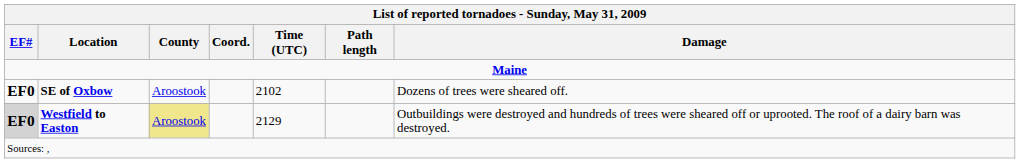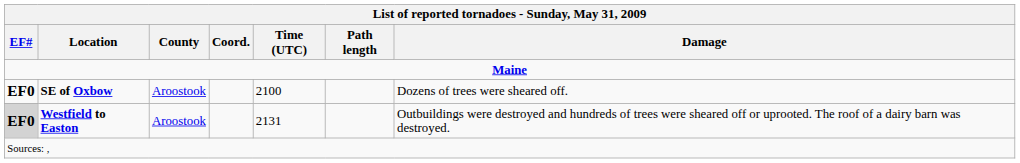 <table class="wikitable collapsible" width="100%">
 <tr>
 <th colspan="7">List of reported tornadoes - Sunday, May 31, 2009</th>
 </tr>
 <tr>
 <th><a href='#'>EF#</a></th>
 <th>Location</th>
 <th>County</th>
 <th>Coord.</th>
 <th>Time (UTC)</th>
 <th>Path length</th>
 <th>Damage</th>
 </tr>
 <tr>
 <td colspan="7" align=center><strong><a href='#'>Maine</a></strong></td>
 </tr>
 <tr>
 <td><big><strong>EF0</strong></big></td>
 <td><strong>SE of <a href='#'>Oxbow</a></strong></td>
 <td><a href='#'>Aroostook</a></td>
 <td></td>
-<td>2102</td>
+<td>2100</td>
 <td></td>
 <td>Dozens of trees were sheared off.</td>
 </tr>
 <tr>
 <td style="background: lightgrey;"><big><strong>EF0</strong></big></td>
 <td><strong><a href='#'>Westfield</a> to <a href='#'>Easton</a></strong></td>
-<td style="background: khaki;"><a href='#'>Aroostook</a></td>
+<td><a href='#'>Aroostook</a></td>
 <td></td>
-<td>2129</td>
+<td>2131</td>
 <td></td>
 <td>Outbuildings were destroyed and hundreds of trees were sheared off or uprooted. The roof of a dairy barn was destroyed.</td>
 </tr>
 <tr>
 <td colspan="7"><small>Sources: , </small></td>
 </tr>
 </table>
